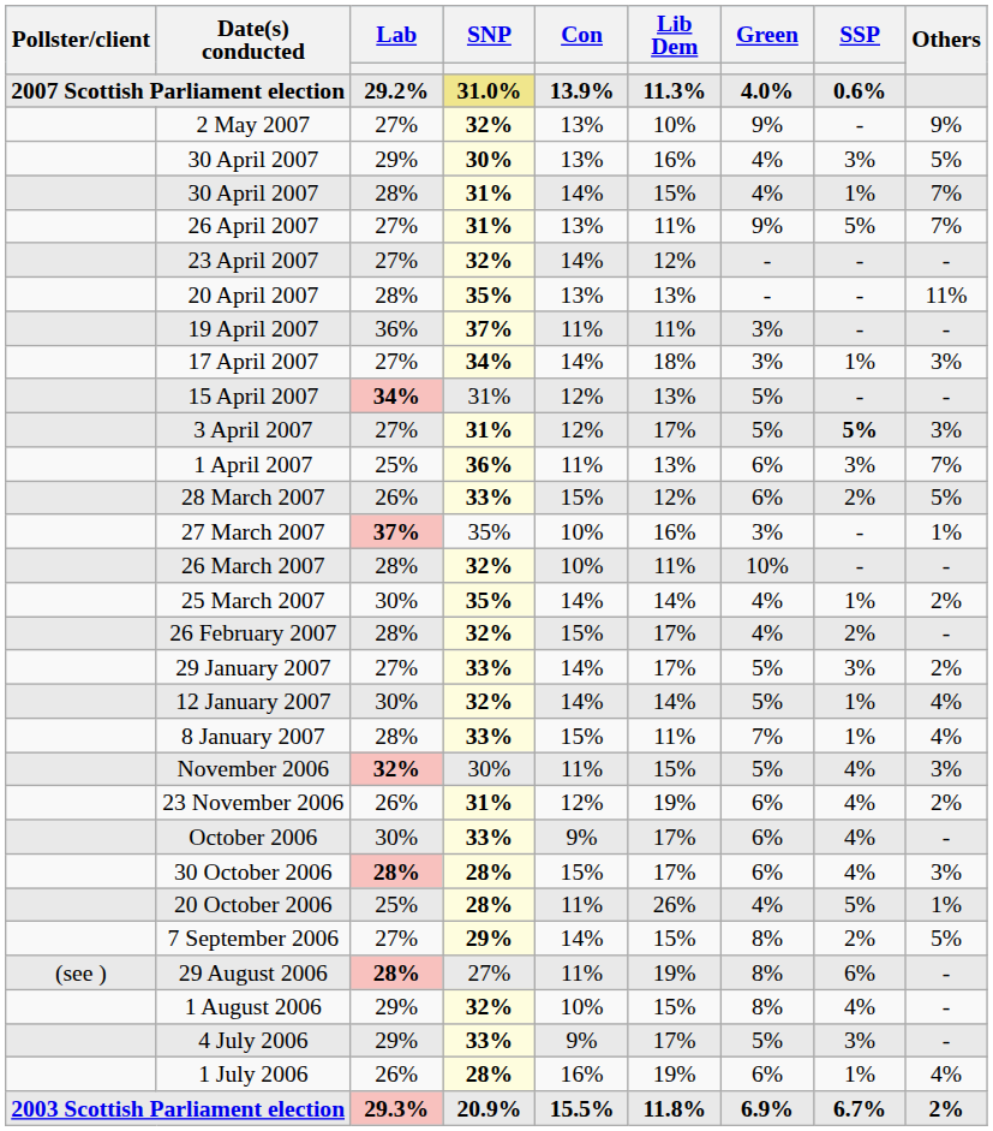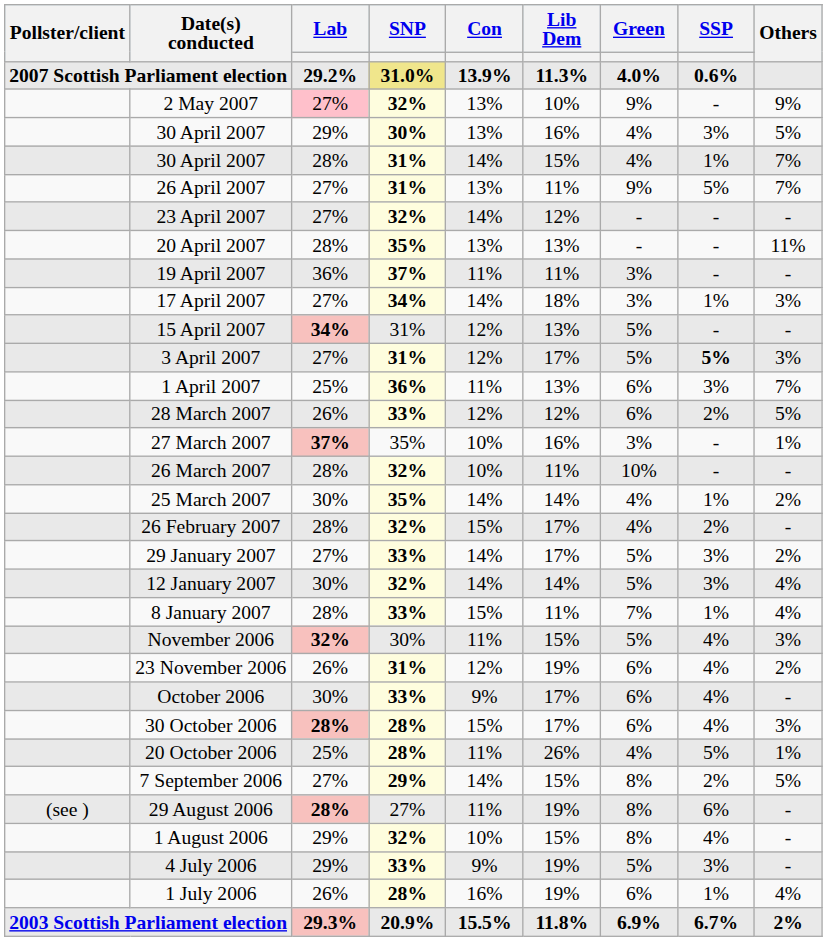 <table class="wikitable sortable" style="text-align:center;font-size:90%;line-height:14px;">
 <tr style="background:#cceeff;">
 <th data-sort-type="number" rowspan="2">Pollster/client</th>
 <th rowspan="2">Date(s)<br>conducted</th>
 <th class="unsortable" style="width:50px;"><a href='#'>Lab</a></th>
 <th class="unsortable" style="width:50px;"><a href='#'>SNP</a></th>
 <th class="unsortable" style="width:50px;"><a href='#'>Con</a></th>
 <th class="unsortable" style="width:50px;"><a href='#'>Lib Dem</a></th>
 <th class="unsortable" style="width:50px;"><a href='#'>Green</a></th>
 <th class="unsortable" style="width:50px;"><a href='#'>SSP</a></th>
 <th rowspan="2">Others</th>
 </tr>
 <tr>
 <th data-sort-type="number" style="background:"></th>
 <th data-sort-type="number" style="background:"></th>
 <th data-sort-type="number" style="background:"></th>
 <th data-sort-type="number" style="background:"></th>
 <th data-sort-type="number" style="background:"></th>
 <th data-sort-type="number" style="background:"></th>
 </tr>
 <tr style="background:#e9e9e9; font-weight:bold;">
 <td colspan="2">2007 Scottish Parliament election</td>
 <td>29.2%</td>
 <td style="background:#F0E68C">31.0%</td>
 <td>13.9%</td>
 <td>11.3%</td>
 <td>4.0%</td>
 <td>0.6%</td>
 <td></td>
 </tr>
 <tr>
 <td></td>
 <td>2 May 2007</td>
-<td>27%</td>
+<td style="background: pink;">27%</td>
 <td style="background:#FEFDDE;"><strong>32%</strong></td>
 <td>13%</td>
 <td>10%</td>
 <td>9%</td>
 <td>-</td>
 <td>9%</td>
 </tr>
 <tr>
 <td></td>
 <td>30 April 2007</td>
 <td>29%</td>
 <td style="background:#FEFDDE;"><strong>30%</strong></td>
 <td>13%</td>
 <td>16%</td>
 <td>4%</td>
 <td>3%</td>
 <td>5%</td>
 </tr>
 <tr style="background:#e9e9e9;">
 <td></td>
 <td>30 April 2007</td>
 <td>28%</td>
 <td style="background:#FEFDDE;"><strong>31%</strong></td>
 <td>14%</td>
 <td>15%</td>
 <td>4%</td>
 <td>1%</td>
 <td>7%</td>
 </tr>
 <tr>
 <td></td>
 <td>26 April 2007</td>
 <td>27%</td>
 <td style="background:#FEFDDE;"><strong>31%</strong></td>
 <td>13%</td>
 <td>11%</td>
 <td>9%</td>
 <td>5%</td>
 <td>7%</td>
 </tr>
 <tr style="background:#e9e9e9;">
 <td></td>
 <td>23 April 2007</td>
 <td>27%</td>
 <td style="background:#FEFDDE;"><strong>32%</strong></td>
 <td>14%</td>
 <td>12%</td>
 <td>-</td>
 <td>-</td>
 <td>-</td>
 </tr>
 <tr>
 <td></td>
 <td>20 April 2007</td>
 <td>28%</td>
 <td style="background:#FEFDDE;"><strong>35%</strong></td>
 <td>13%</td>
 <td>13%</td>
 <td>-</td>
 <td>-</td>
 <td>11%</td>
 </tr>
 <tr style="background:#e9e9e9;">
 <td></td>
 <td>19 April 2007</td>
 <td>36%</td>
 <td style="background:#FEFDDE;"><strong>37%</strong></td>
 <td>11%</td>
 <td>11%</td>
 <td>3%</td>
 <td>-</td>
 <td>-</td>
 </tr>
 <tr>
 <td></td>
 <td>17 April 2007</td>
 <td>27%</td>
 <td style="background:#FEFDDE;"><strong>34%</strong></td>
 <td>14%</td>
 <td>18%</td>
 <td>3%</td>
 <td>1%</td>
 <td>3%</td>
 </tr>
 <tr style="background:#e9e9e9;">
 <td></td>
 <td>15 April 2007</td>
 <td style="background:#F8C1BE;"><strong>34%</strong></td>
 <td>31%</td>
 <td>12%</td>
 <td>13%</td>
 <td>5%</td>
 <td>-</td>
 <td>-</td>
 </tr>
 <tr style="background:#e9e9e9;">
 <td></td>
 <td>3 April 2007</td>
 <td>27%</td>
 <td style="background:#FEFDDE;"><strong>31%</strong></td>
 <td>12%</td>
 <td>17%</td>
 <td>5%</td>
 <td><strong>5%</strong></td>
 <td>3%</td>
 </tr>
 <tr>
 <td></td>
 <td>1 April 2007</td>
 <td>25%</td>
 <td style="background:#FEFDDE;"><strong>36%</strong></td>
 <td>11%</td>
 <td>13%</td>
 <td>6%</td>
 <td>3%</td>
 <td>7%</td>
 </tr>
 <tr style="background:#e9e9e9;">
 <td></td>
 <td>28 March 2007</td>
 <td>26%</td>
 <td style="background:#FEFDDE;"><strong>33%</strong></td>
-<td>15%</td>
+<td>12%</td>
 <td>12%</td>
 <td>6%</td>
 <td>2%</td>
 <td>5%</td>
 </tr>
 <tr>
 <td></td>
 <td>27 March 2007</td>
 <td style="background:#F8C1BE;"><strong>37%</strong></td>
 <td>35%</td>
 <td>10%</td>
 <td>16%</td>
 <td>3%</td>
 <td>-</td>
 <td>1%</td>
 </tr>
 <tr style="background:#e9e9e9;">
 <td></td>
 <td>26 March 2007</td>
 <td>28%</td>
 <td style="background:#FEFDDE;"><strong>32%</strong></td>
 <td>10%</td>
 <td>11%</td>
 <td>10%</td>
 <td>-</td>
 <td>-</td>
 </tr>
 <tr>
 <td></td>
 <td>25 March 2007</td>
 <td>30%</td>
 <td style="background:#FEFDDE;"><strong>35%</strong></td>
 <td>14%</td>
 <td>14%</td>
 <td>4%</td>
 <td>1%</td>
 <td>2%</td>
 </tr>
 <tr style="background:#e9e9e9;">
 <td></td>
 <td>26 February 2007</td>
 <td>28%</td>
 <td style="background:#FEFDDE;"><strong>32%</strong></td>
 <td>15%</td>
 <td>17%</td>
 <td>4%</td>
 <td>2%</td>
 <td>-</td>
 </tr>
 <tr>
 <td></td>
 <td>29 January 2007</td>
 <td>27%</td>
 <td style="background:#FEFDDE;"><strong>33%</strong></td>
 <td>14%</td>
 <td>17%</td>
 <td>5%</td>
 <td>3%</td>
 <td>2%</td>
 </tr>
 <tr style="background:#e9e9e9;">
 <td></td>
 <td>12 January 2007</td>
 <td>30%</td>
 <td style="background:#FEFDDE;"><strong>32%</strong></td>
 <td>14%</td>
 <td>14%</td>
 <td>5%</td>
-<td>1%</td>
+<td>3%</td>
 <td>4%</td>
 </tr>
 <tr>
 <td></td>
 <td>8 January 2007</td>
 <td>28%</td>
 <td style="background:#FEFDDE;"><strong>33%</strong></td>
 <td>15%</td>
 <td>11%</td>
 <td>7%</td>
 <td>1%</td>
 <td>4%</td>
 </tr>
 <tr style="background:#e9e9e9;">
 <td></td>
 <td>November 2006</td>
 <td style="background:#F8C1BE;"><strong>32%</strong></td>
 <td>30%</td>
 <td>11%</td>
 <td>15%</td>
 <td>5%</td>
 <td>4%</td>
 <td>3%</td>
 </tr>
 <tr>
 <td></td>
 <td>23 November 2006</td>
 <td>26%</td>
 <td style="background:#FEFDDE;"><strong>31%</strong></td>
 <td>12%</td>
 <td>19%</td>
 <td>6%</td>
 <td>4%</td>
 <td>2%</td>
 </tr>
 <tr style="background:#e9e9e9;">
 <td></td>
 <td>October 2006</td>
 <td>30%</td>
 <td style="background:#FEFDDE;"><strong>33%</strong></td>
 <td>9%</td>
 <td>17%</td>
 <td>6%</td>
 <td>4%</td>
 <td>-</td>
 </tr>
 <tr>
 <td></td>
 <td>30 October 2006</td>
 <td style="background:#F8C1BE;"><strong>28%</strong></td>
 <td style="background:#FEFDDE;"><strong>28%</strong></td>
 <td>15%</td>
 <td>17%</td>
 <td>6%</td>
 <td>4%</td>
 <td>3%</td>
 </tr>
 <tr style="background:#e9e9e9;">
 <td></td>
 <td>20 October 2006</td>
 <td>25%</td>
 <td style="background:#FEFDDE;"><strong>28%</strong></td>
 <td>11%</td>
 <td>26%</td>
 <td>4%</td>
 <td>5%</td>
 <td>1%</td>
 </tr>
 <tr>
 <td></td>
 <td>7 September 2006</td>
 <td>27%</td>
 <td style="background:#FEFDDE;"><strong>29%</strong></td>
 <td>14%</td>
 <td>15%</td>
 <td>8%</td>
 <td>2%</td>
 <td>5%</td>
 </tr>
 <tr style="background:#e9e9e9;">
 <td> (see )</td>
 <td>29 August 2006</td>
 <td style="background:#F8C1BE;"><strong>28%</strong></td>
 <td>27%</td>
 <td>11%</td>
 <td>19%</td>
 <td>8%</td>
 <td>6%</td>
 <td>-</td>
 </tr>
 <tr>
 <td></td>
 <td>1 August 2006</td>
 <td>29%</td>
 <td style="background:#FEFDDE;"><strong>32%</strong></td>
 <td>10%</td>
 <td>15%</td>
 <td>8%</td>
 <td>4%</td>
 <td>-</td>
 </tr>
 <tr style="background:#e9e9e9;">
 <td></td>
 <td>4 July 2006</td>
 <td>29%</td>
 <td style="background:#FEFDDE;"><strong>33%</strong></td>
 <td>9%</td>
-<td>17%</td>
+<td>19%</td>
 <td>5%</td>
 <td>3%</td>
 <td>-</td>
 </tr>
 <tr>
 <td></td>
 <td>1 July 2006</td>
 <td>26%</td>
 <td style="background:#FEFDDE;"><strong>28%</strong></td>
 <td>16%</td>
 <td>19%</td>
 <td>6%</td>
 <td>1%</td>
 <td>4%</td>
 </tr>
 <tr style="background:#e9e9e9; font-weight:bold;">
 <td colspan="2"><a href='#'>2003 Scottish Parliament election</a></td>
 <td style="background:#F8C1BE;"><strong>29.3%</strong></td>
 <td>20.9%</td>
 <td>15.5%</td>
 <td>11.8%</td>
 <td>6.9%</td>
 <td>6.7%</td>
 <td>2%</td>
 </tr>
 </table>
